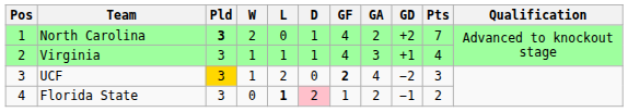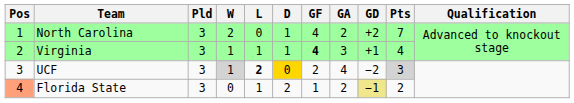 <table class="wikitable" style="text-align:center; margin: 1em auto">
 <tr>
 <th style="width:2em">Pos</th>
 <th style="width:13em">Team</th>
 <th style="width:2em">Pld</th>
 <th style="width:2em">W</th>
 <th style="width:2em">L</th>
 <th style="width:2em">D</th>
 <th style="width:2em">GF</th>
 <th style="width:2em">GA</th>
 <th style="width:2em">GD</th>
 <th style="width:2em">Pts</th>
 <th style="width:13em">Qualification</th>
 </tr>
 <tr bgcolor="#9eff9e">
 <td>1</td>
 <td style="text-align:left">North Carolina</td>
-<td><strong>3</strong></td>
+<td>3</td>
 <td>2</td>
 <td>0</td>
 <td>1</td>
 <td>4</td>
 <td>2</td>
 <td>+2</td>
 <td>7</td>
 <td rowspan="2">Advanced to knockout stage</td>
 </tr>
 <tr bgcolor="#9eff9e">
 <td>2</td>
 <td style="text-align:left">Virginia</td>
 <td>3</td>
 <td>1</td>
 <td>1</td>
 <td>1</td>
-<td>4</td>
+<td><strong>4</strong></td>
 <td>3</td>
 <td>+1</td>
 <td>4</td>
 </tr>
 <tr>
 <td>3</td>
 <td style="text-align:left">UCF</td>
-<td style="background: gold;">3</td>
-<td>1</td>
+<td>3</td>
+<td style="background: lightgrey;">1</td>
+<td><strong>2</strong></td>
+<td style="background: gold;">0</td>
 <td>2</td>
-<td>0</td>
-<td><strong>2</strong></td>
 <td>4</td>
 <td>−2</td>
-<td>3</td>
+<td style="background: lightgrey;">3</td>
 <td rowspan="2"></td>
 </tr>
 <tr>
-<td>4</td>
+<td style="background: lightsalmon;">4</td>
 <td style="text-align:left">Florida State</td>
 <td>3</td>
 <td>0</td>
-<td><strong>1</strong></td>
-<td style="background: pink;">2</td>
 <td>1</td>
 <td>2</td>
-<td>−1</td>
+<td>1</td>
+<td>2</td>
+<td style="background: khaki;">−1</td>
 <td>2</td>
 </tr>
 </table>
